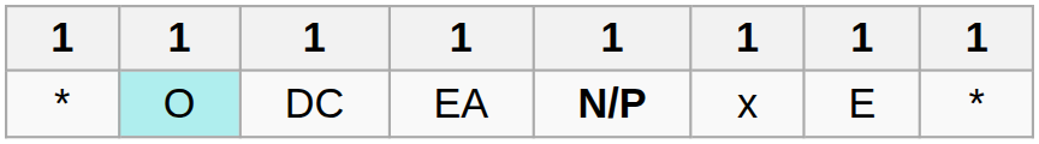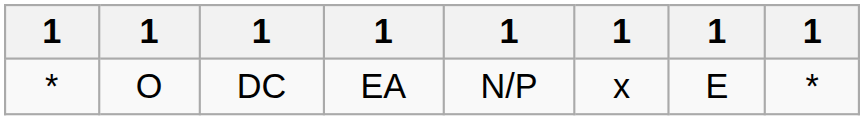 <table class="wikitable  floatright mw-collapsible" style="width: 400px;">
 <tr style="text-align: center;">
 <th width="1%">1</th>
 <th width="1%">1</th>
 <th width="1%">1</th>
 <th width="1%">1</th>
 <th width="1%">1</th>
 <th width="1%">1</th>
 <th width="1%">1</th>
 <th width="1%">1</th>
 </tr>
 <tr style="text-align: center;">
 <td>*</td>
-<td style="background: paleturquoise;">O</td>
+<td>O</td>
 <td>DC</td>
 <td>EA</td>
-<td><strong>N/P</strong></td>
+<td>N/P</td>
 <td>x</td>
 <td>E</td>
 <td>*</td>
 </tr>
 </table>
